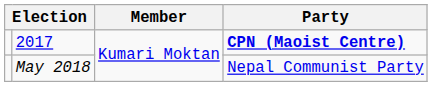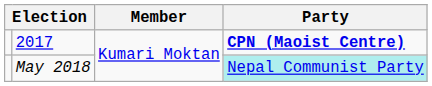 <table class="wikitable">
 <tr>
 <th colspan="2">Election</th>
 <th>Member</th>
 <th>Party</th>
 </tr>
 <tr>
 <td style="background-color:"></td>
 <td><a href='#'>2017</a></td>
 <td rowspan="2"><a href='#'>Kumari Moktan</a></td>
 <td><strong><a href='#'>CPN (Maoist Centre)</a></strong></td>
 </tr>
 <tr>
 <td style="background-color:"></td>
 <td><em>May 2018</em></td>
-<td><a href='#'>Nepal Communist Party</a></td>
+<td style="background: paleturquoise;"><a href='#'>Nepal Communist Party</a></td>
 </tr>
 </table>
